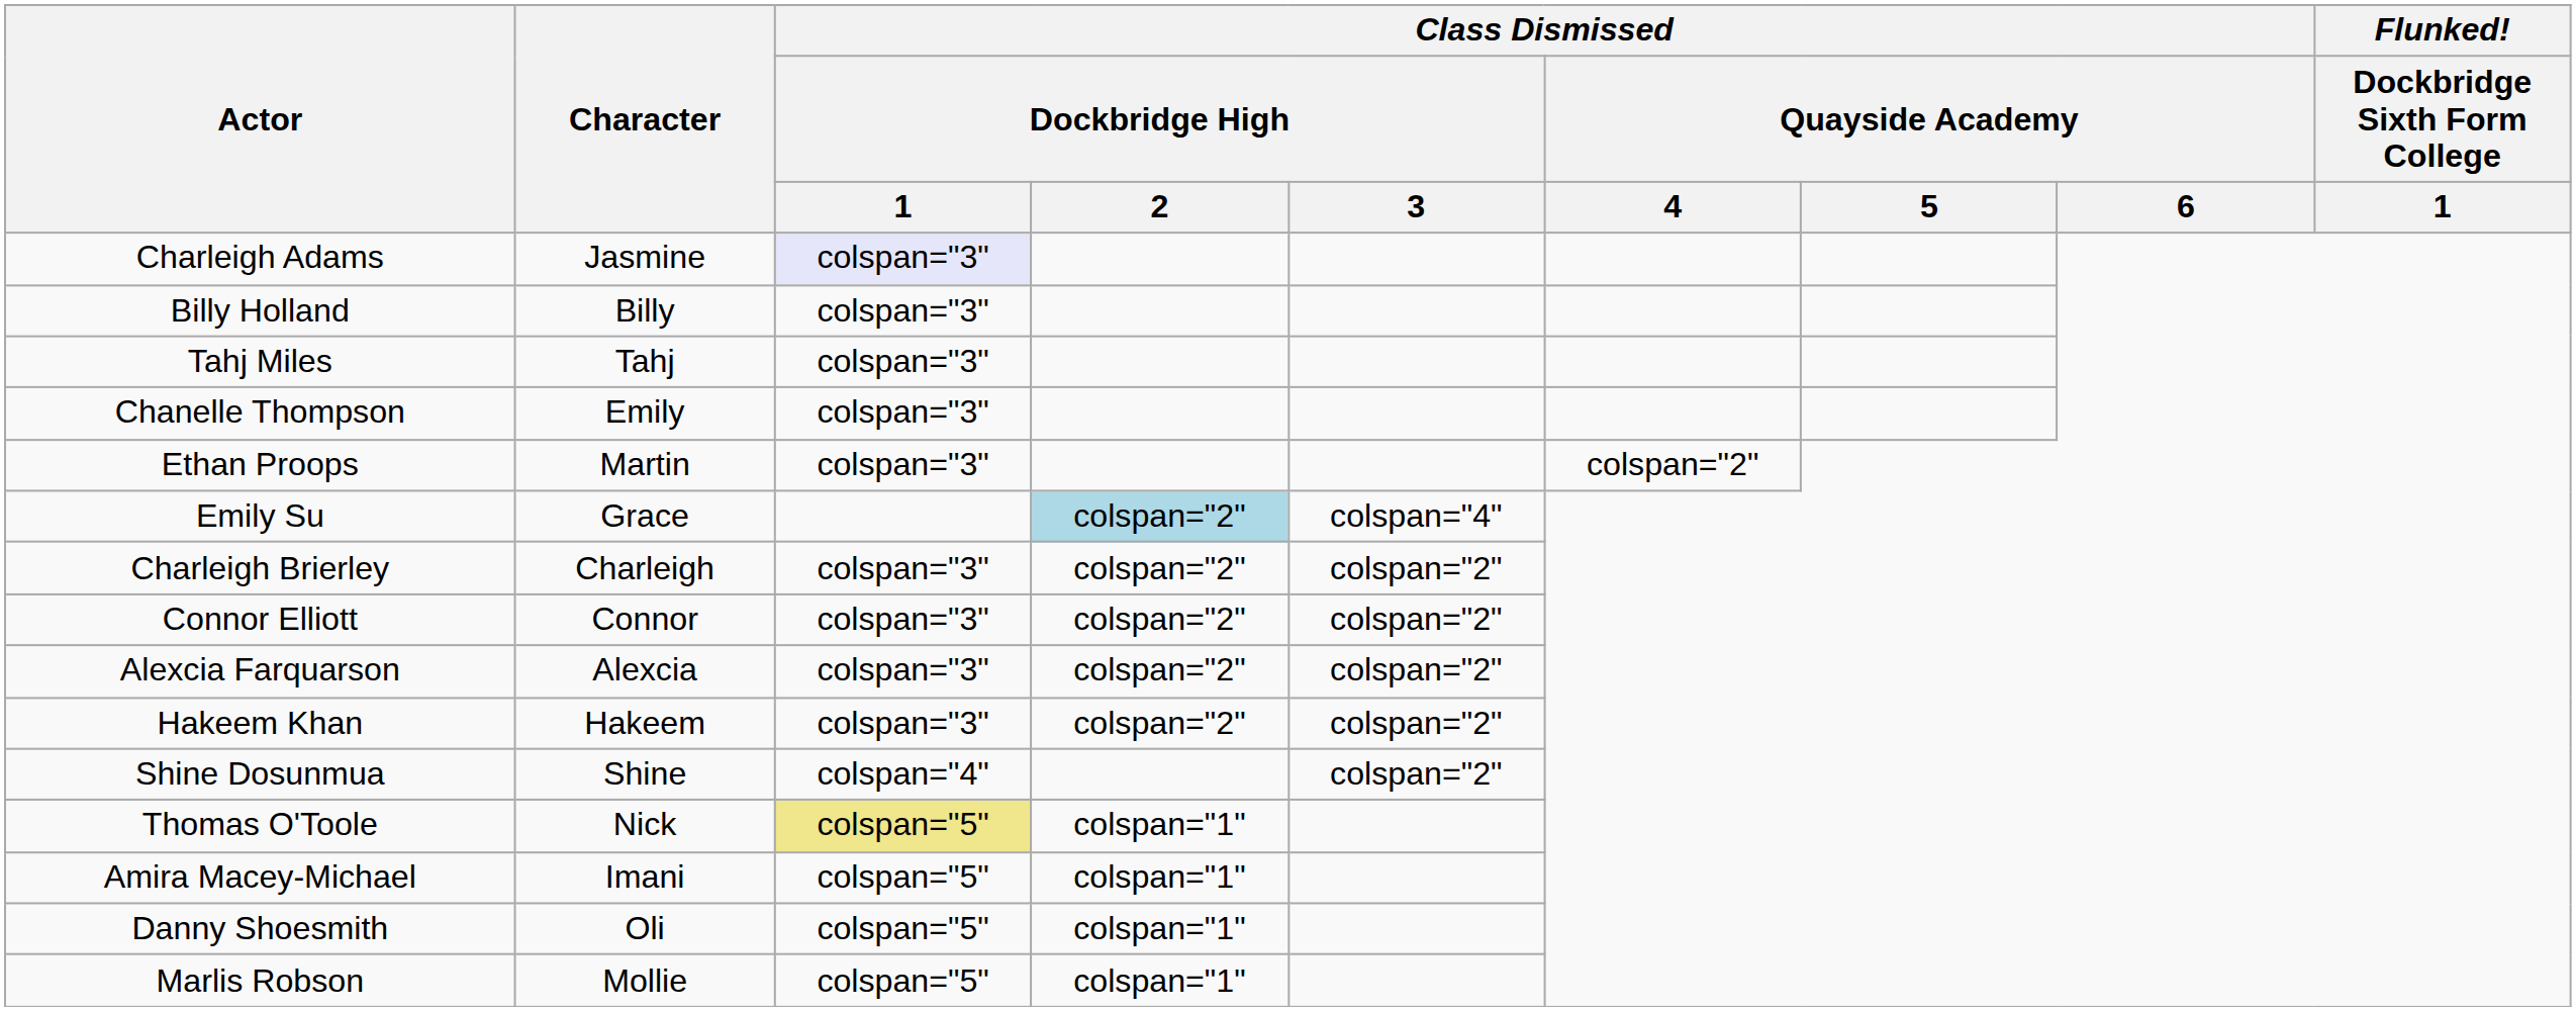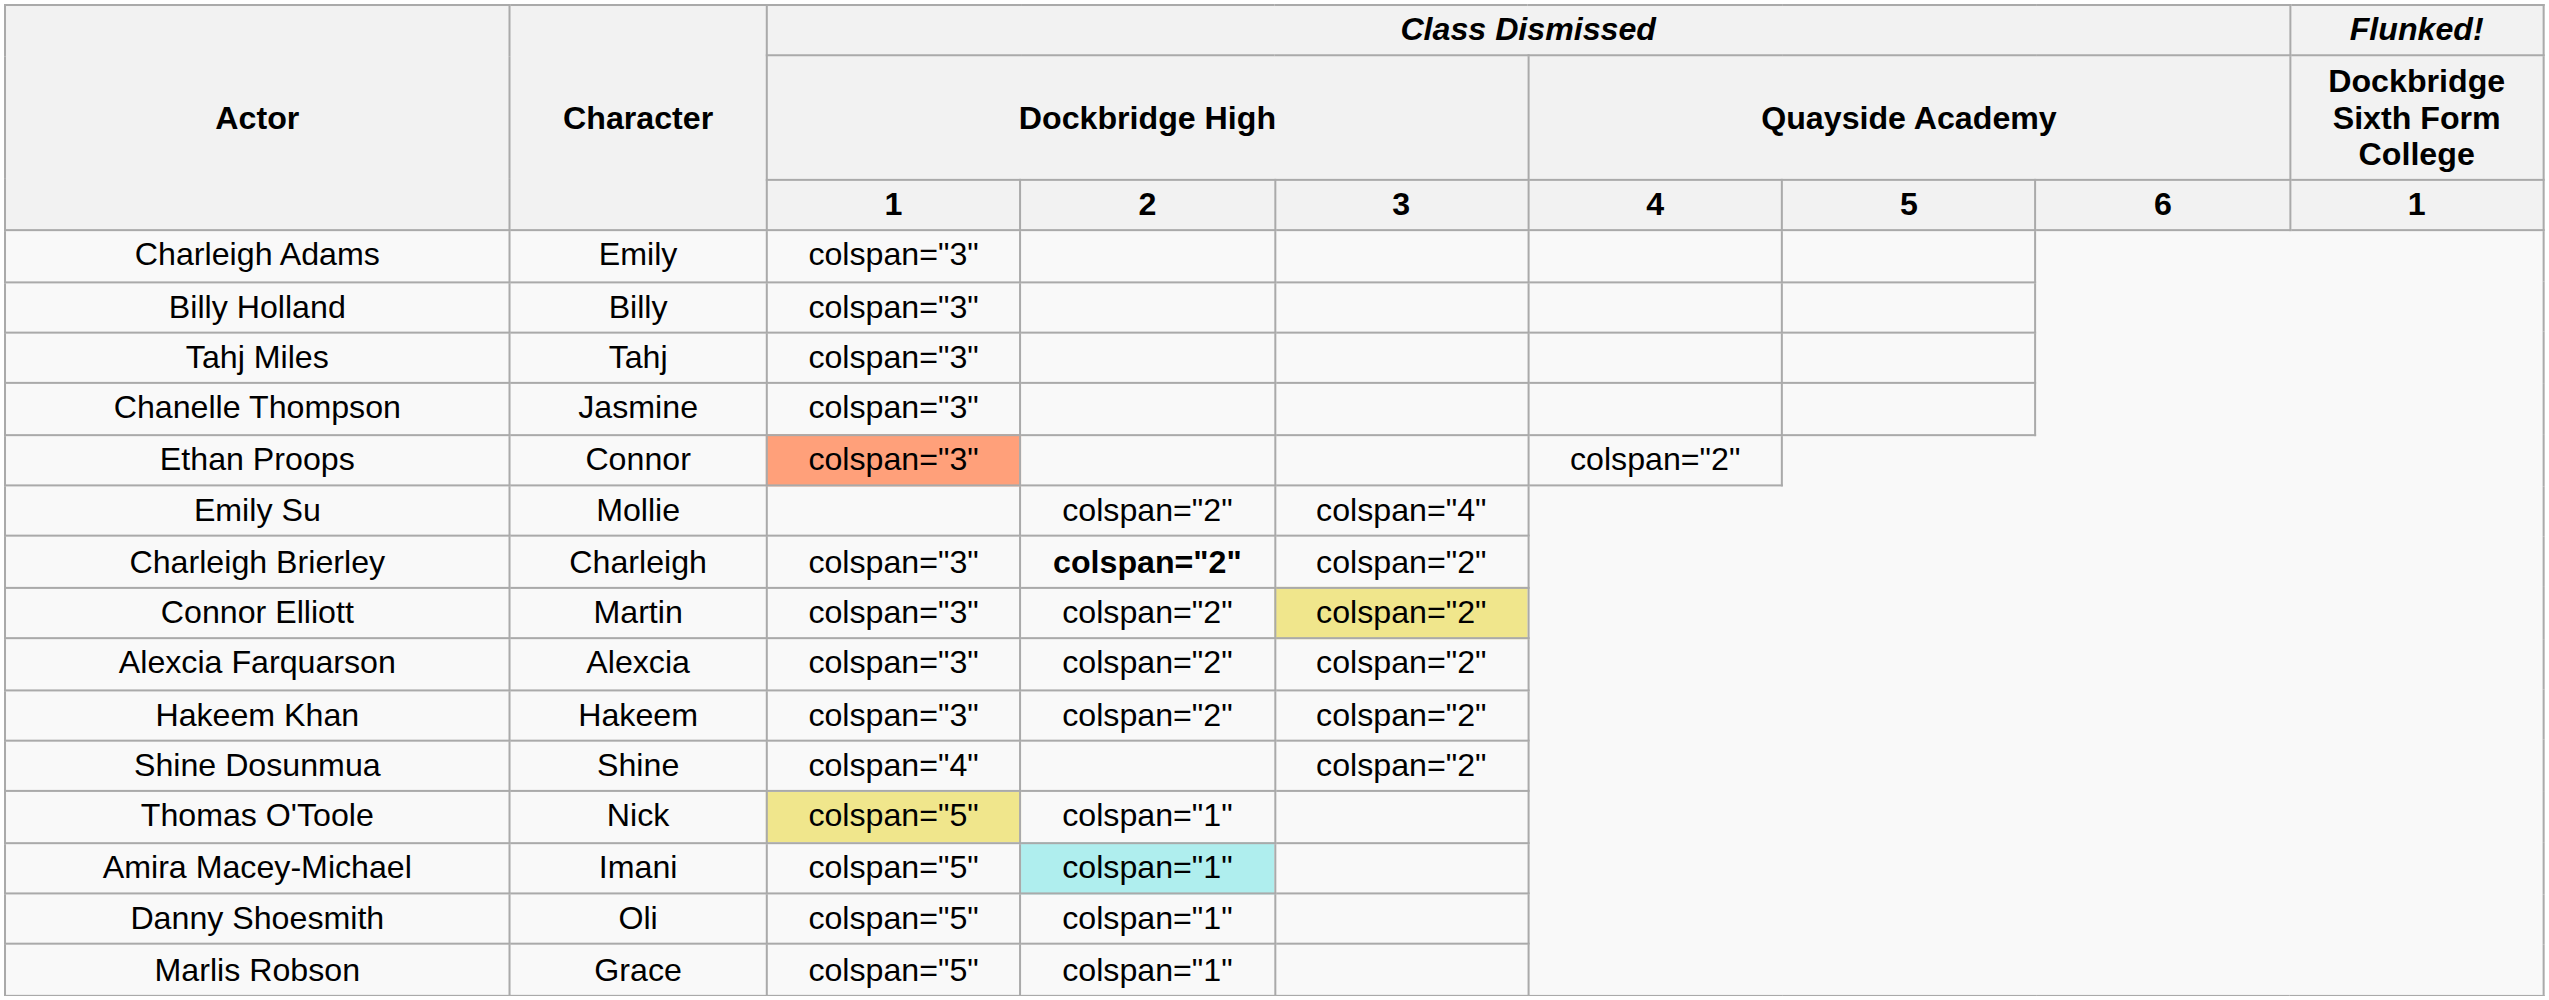 <table class="wikitable plainrowheaders" style="text-align:center; width:100%">
 <tr>
 <th rowspan="3">Actor</th>
 <th rowspan="3">Character</th>
 <th colspan="6"><em>Class Dismissed</em></th>
 <th><em>Flunked!</em></th>
 </tr>
 <tr>
 <th colspan="3">Dockbridge High</th>
 <th colspan="3">Quayside Academy</th>
 <th>Dockbridge Sixth Form College</th>
 </tr>
 <tr>
 <th scope="col" width="10%">1</th>
 <th scope="col" width="10%">2</th>
 <th scope="col" width="10%">3</th>
 <th scope="col" width="10%">4</th>
 <th scope="col" width="10%">5</th>
 <th scope="col" width="10%">6</th>
 <th scope="col" width="10%">1</th>
 </tr>
 <tr>
 <td>Charleigh Adams</td>
-<td>Jasmine</td>
-<td style="background: lavender;">colspan="3" </td>
+<td>Emily</td>
+<td>colspan="3" </td>
 <td></td>
 <td></td>
 <td></td>
 <td></td>
 </tr>
 <tr>
 <td>Billy Holland</td>
 <td>Billy</td>
 <td>colspan="3" </td>
 <td></td>
 <td></td>
 <td></td>
 <td></td>
 </tr>
 <tr>
 <td>Tahj Miles</td>
 <td>Tahj</td>
 <td>colspan="3" </td>
 <td></td>
 <td></td>
 <td></td>
 <td></td>
 </tr>
 <tr>
 <td>Chanelle Thompson</td>
-<td>Emily</td>
+<td>Jasmine</td>
 <td>colspan="3" </td>
 <td></td>
 <td></td>
 <td></td>
 <td></td>
 </tr>
 <tr>
 <td>Ethan Proops</td>
-<td>Martin</td>
-<td>colspan="3" </td>
+<td>Connor</td>
+<td style="background: lightsalmon;">colspan="3" </td>
 <td></td>
 <td></td>
 <td>colspan="2" </td>
 </tr>
 <tr>
 <td>Emily Su</td>
-<td>Grace</td>
+<td>Mollie</td>
 <td></td>
-<td style="background: lightblue;">colspan="2" </td>
+<td>colspan="2" </td>
 <td>colspan="4" </td>
 </tr>
 <tr>
 <td>Charleigh Brierley</td>
 <td>Charleigh</td>
 <td>colspan="3" </td>
-<td>colspan="2" </td>
+<td><strong>colspan="2" </strong></td>
 <td>colspan="2" </td>
 </tr>
 <tr>
 <td>Connor Elliott</td>
-<td>Connor</td>
+<td>Martin</td>
 <td>colspan="3" </td>
 <td>colspan="2" </td>
-<td>colspan="2" </td>
+<td style="background: khaki;">colspan="2" </td>
 </tr>
 <tr>
 <td>Alexcia Farquarson</td>
 <td>Alexcia</td>
 <td>colspan="3" </td>
 <td>colspan="2" </td>
 <td>colspan="2" </td>
 </tr>
 <tr>
 <td>Hakeem Khan</td>
 <td>Hakeem</td>
 <td>colspan="3" </td>
 <td>colspan="2" </td>
 <td>colspan="2" </td>
 </tr>
 <tr>
 <td>Shine Dosunmua</td>
 <td>Shine</td>
 <td>colspan="4" </td>
 <td></td>
 <td>colspan="2" </td>
 </tr>
 <tr>
 <td>Thomas O'Toole</td>
 <td>Nick</td>
 <td style="background: khaki;">colspan="5" </td>
 <td>colspan="1" </td>
 <td></td>
 </tr>
 <tr>
 <td>Amira Macey-Michael</td>
 <td>Imani</td>
 <td>colspan="5" </td>
-<td>colspan="1" </td>
+<td style="background: paleturquoise;">colspan="1" </td>
 <td></td>
 </tr>
 <tr>
 <td>Danny Shoesmith</td>
 <td>Oli</td>
 <td>colspan="5" </td>
 <td>colspan="1" </td>
 <td></td>
 </tr>
 <tr>
 <td>Marlis Robson</td>
-<td>Mollie</td>
+<td>Grace</td>
 <td>colspan="5" </td>
 <td>colspan="1" </td>
 <td></td>
 </tr>
 <tr>
 </tr>
 </table>
